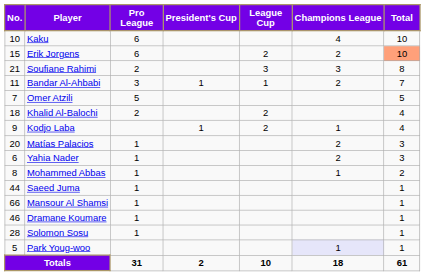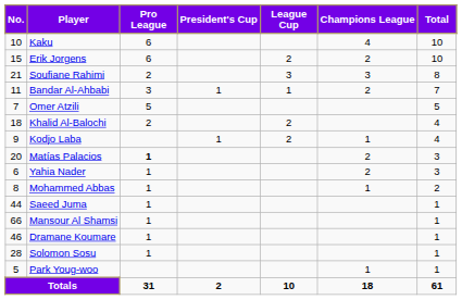 <table class="wikitable" style="text-align:center; font-size:95%;">
 <tr>
 <th style="color:#FFFFFF; background:#7300E6; border:2px solid #AB9767;">No.</th>
 <th style="color:#FFFFFF; background:#7300E6; border:2px solid #AB9767;">Player</th>
 <th style="color:#FFFFFF; background:#7300E6; border:2px solid #AB9767;" width=77>Pro League</th>
 <th style="color:#FFFFFF; background:#7300E6; border:2px solid #AB9767;">President's Cup</th>
 <th style="color:#FFFFFF; background:#7300E6; border:2px solid #AB9767;" width=77>League Cup</th>
 <th style="color:#FFFFFF; background:#7300E6; border:2px solid #AB9767;">Champions League</th>
 <th style="color:#FFFFFF; background:#7300E6; border:2px solid #AB9767;" width=50>Total</th>
 </tr>
 <tr>
 <td align="center">10</td>
 <td align=left> <a href='#'>Kaku</a></td>
 <td align="center">6</td>
 <td align="center"></td>
 <td align="center"></td>
 <td align="center">4</td>
 <td align="center">10</td>
 </tr>
 <tr>
 <td align="center">15</td>
 <td align=left> <a href='#'>Erik Jorgens</a></td>
 <td align="center">6</td>
 <td align="center"></td>
 <td align="center">2</td>
 <td align="center">2</td>
-<td align="center" style="background: lightsalmon;">10</td>
+<td align="center">10</td>
 </tr>
 <tr>
 <td align="center">21</td>
 <td align=left> <a href='#'>Soufiane Rahimi</a></td>
 <td align="center">2</td>
 <td align="center"></td>
 <td align="center">3</td>
 <td align="center">3</td>
 <td align="center">8</td>
 </tr>
 <tr>
 <td align="center">11</td>
 <td align=left> <a href='#'>Bandar Al-Ahbabi</a></td>
 <td align="center">3</td>
 <td align="center">1</td>
 <td align="center">1</td>
 <td align="center">2</td>
 <td align="center">7</td>
 </tr>
 <tr>
 <td align="center">7</td>
 <td align=left> <a href='#'>Omer Atzili</a></td>
 <td align="center">5</td>
 <td align="center"></td>
 <td align="center"></td>
 <td align="center"></td>
 <td align="center">5</td>
 </tr>
 <tr>
 <td align="center">18</td>
 <td align=left> <a href='#'>Khalid Al-Balochi</a></td>
 <td align="center">2</td>
 <td align="center"></td>
 <td align="center">2</td>
 <td align="center"></td>
 <td align="center">4</td>
 </tr>
 <tr>
 <td align="center">9</td>
 <td align=left> <a href='#'>Kodjo Laba</a></td>
 <td align="center"></td>
 <td align="center">1</td>
 <td align="center">2</td>
 <td align="center">1</td>
 <td align="center">4</td>
 </tr>
 <tr>
 <td align="center">20</td>
 <td align=left> <a href='#'>Matías Palacios</a></td>
-<td align="center">1</td>
+<td align="center"><strong>1</strong></td>
 <td align="center"></td>
 <td align="center"></td>
 <td align="center">2</td>
 <td align="center">3</td>
 </tr>
 <tr>
 <td align="center">6</td>
 <td align=left> <a href='#'>Yahia Nader</a></td>
 <td align="center">1</td>
 <td align="center"></td>
 <td align="center"></td>
 <td align="center">2</td>
 <td align="center">3</td>
 </tr>
 <tr>
 <td align="center">8</td>
 <td align=left> <a href='#'>Mohammed Abbas</a></td>
 <td align="center">1</td>
 <td align="center"></td>
 <td align="center"></td>
 <td align="center">1</td>
 <td align="center">2</td>
 </tr>
 <tr>
 <td align="center">44</td>
 <td align=left> <a href='#'>Saeed Juma</a></td>
 <td align="center">1</td>
 <td align="center"></td>
 <td align="center"></td>
 <td align="center"></td>
 <td align="center">1</td>
 </tr>
 <tr>
 <td align="center">66</td>
 <td align=left> <a href='#'>Mansour Al Shamsi</a></td>
 <td align="center">1</td>
 <td align="center"></td>
 <td align="center"></td>
 <td align="center"></td>
 <td align="center">1</td>
 </tr>
 <tr>
 <td align="center">46</td>
 <td align=left> <a href='#'>Dramane Koumare</a></td>
 <td align="center">1</td>
 <td align="center"></td>
 <td align="center"></td>
 <td align="center"></td>
 <td align="center">1</td>
 </tr>
 <tr>
 <td align="center">28</td>
 <td align=left> <a href='#'>Solomon Sosu</a></td>
 <td align="center">1</td>
 <td align="center"></td>
 <td align="center"></td>
 <td align="center"></td>
 <td align="center">1</td>
 </tr>
 <tr>
 <td align="center">5</td>
 <td align=left> <a href='#'>Park Youg-woo</a></td>
 <td align="center"></td>
 <td align="center"></td>
 <td align="center"></td>
-<td align="center" style="background: lavender;">1</td>
+<td align="center">1</td>
 <td align="center">1</td>
 </tr>
 <tr>
 <td style="color:#FFFFFF; background:#7300E6; border:2px solid #AB9767"; colspan=2><strong>Totals</strong></td>
 <td align="center"><strong>31</strong></td>
 <td align="center"><strong>2</strong></td>
 <td align="center"><strong>10</strong></td>
 <td align="center"><strong>18</strong></td>
 <td align="center"><strong>61</strong></td>
 </tr>
 </table>
